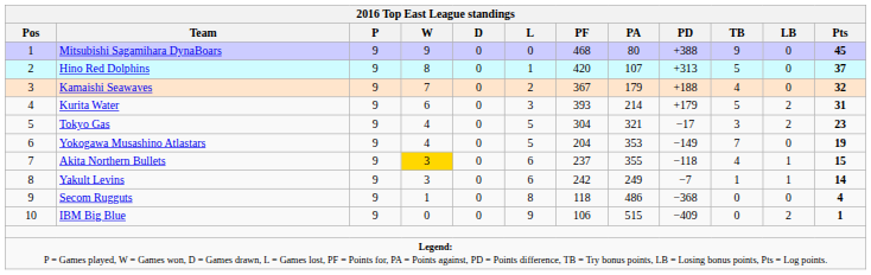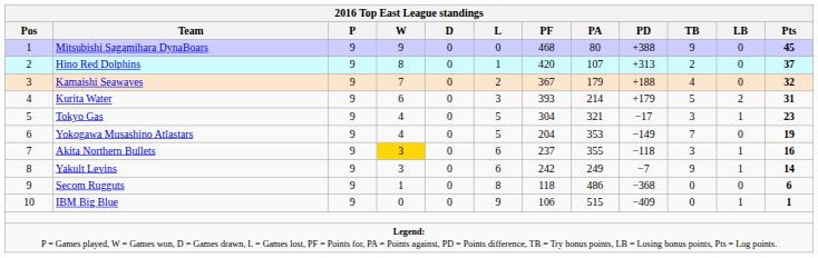 <table class="wikitable" style="text-align:center; font-size:100%; width:60%;">
 <tr>
 <th colspan="100%" cellpadding="0" cellspacing="0"><strong>2016 Top East League standings</strong></th>
 </tr>
 <tr>
 <th style="width:6%;">Pos</th>
 <th style="width:34%;">Team</th>
 <th style="width:6%;">P</th>
 <th style="width:6%;">W</th>
 <th style="width:6%;">D</th>
 <th style="width:6%;">L</th>
 <th style="width:6%;">PF</th>
 <th style="width:6%;">PA</th>
 <th style="width:6%;">PD</th>
 <th style="width:6%;">TB</th>
 <th style="width:6%;">LB</th>
 <th style="width:6%;">Pts<br></th>
 </tr>
 <tr style="background:#CCCCFF;">
 <td>1</td>
 <td style="text-align:left;"><a href='#'>Mitsubishi Sagamihara DynaBoars</a></td>
 <td>9</td>
 <td>9</td>
 <td>0</td>
 <td>0</td>
 <td>468</td>
 <td>80</td>
 <td>+388</td>
 <td>9</td>
 <td>0</td>
 <td><strong>45</strong></td>
 </tr>
 <tr style="background:#CFFCFF;">
 <td>2</td>
 <td style="text-align:left;"><a href='#'>Hino Red Dolphins</a></td>
 <td>9</td>
 <td>8</td>
 <td>0</td>
 <td>1</td>
 <td>420</td>
 <td>107</td>
 <td>+313</td>
-<td>5</td>
+<td>2</td>
 <td>0</td>
 <td><strong>37</strong></td>
 </tr>
 <tr style="background:#FFE5CC;">
 <td>3</td>
 <td style="text-align:left;"><a href='#'>Kamaishi Seawaves</a></td>
 <td>9</td>
 <td>7</td>
 <td>0</td>
 <td>2</td>
 <td>367</td>
 <td>179</td>
 <td>+188</td>
 <td>4</td>
 <td>0</td>
 <td><strong>32</strong></td>
 </tr>
 <tr>
 <td>4</td>
 <td style="text-align:left;"><a href='#'>Kurita Water</a></td>
 <td>9</td>
 <td>6</td>
 <td>0</td>
 <td>3</td>
 <td>393</td>
 <td>214</td>
 <td>+179</td>
 <td>5</td>
 <td>2</td>
 <td><strong>31</strong></td>
 </tr>
 <tr>
 <td>5</td>
 <td style="text-align:left;"><a href='#'>Tokyo Gas</a></td>
 <td>9</td>
 <td>4</td>
 <td>0</td>
 <td>5</td>
 <td>304</td>
 <td>321</td>
 <td>−17</td>
 <td>3</td>
-<td>2</td>
+<td>1</td>
 <td><strong>23</strong></td>
 </tr>
 <tr>
 <td>6</td>
 <td style="text-align:left;"><a href='#'>Yokogawa Musashino Atlastars</a></td>
 <td>9</td>
 <td>4</td>
 <td>0</td>
 <td>5</td>
 <td>204</td>
 <td>353</td>
 <td>−149</td>
 <td>7</td>
 <td>0</td>
 <td><strong>19</strong></td>
 </tr>
 <tr>
 <td>7</td>
 <td style="text-align:left;"><a href='#'>Akita Northern Bullets</a></td>
 <td>9</td>
 <td style="background: gold;">3</td>
 <td>0</td>
 <td>6</td>
 <td>237</td>
 <td>355</td>
 <td>−118</td>
-<td>4</td>
+<td>3</td>
 <td>1</td>
-<td><strong>15</strong></td>
+<td><strong>16</strong></td>
 </tr>
 <tr>
 <td>8</td>
 <td style="text-align:left;"><a href='#'>Yakult Levins</a></td>
 <td>9</td>
 <td>3</td>
 <td>0</td>
 <td>6</td>
 <td>242</td>
 <td>249</td>
 <td>−7</td>
-<td>1</td>
+<td>9</td>
 <td>1</td>
 <td><strong>14</strong></td>
 </tr>
 <tr>
 <td>9</td>
 <td style="text-align:left;"><a href='#'>Secom Rugguts</a></td>
 <td>9</td>
 <td>1</td>
 <td>0</td>
 <td>8</td>
 <td>118</td>
 <td>486</td>
 <td>−368</td>
 <td>0</td>
 <td>0</td>
-<td><strong>4</strong></td>
+<td><strong>6</strong></td>
 </tr>
 <tr>
 <td>10</td>
 <td style="text-align:left;"><a href='#'>IBM Big Blue</a></td>
 <td>9</td>
 <td>0</td>
 <td>0</td>
 <td>9</td>
 <td>106</td>
 <td>515</td>
 <td>−409</td>
 <td>0</td>
-<td>2</td>
+<td>1</td>
 <td><strong>1</strong></td>
 </tr>
 <tr>
 <td colspan="100%" style="height:10px;"></td>
 </tr>
 <tr>
 <td colspan="100%"><small><strong>Legend:</strong> <br> P = Games played, W = Games won, D = Games drawn, L = Games lost, PF = Points for, PA = Points against, PD = Points difference, TB = Try bonus points, LB = Losing bonus points, Pts = Log points.</small></td>
 </tr>
 </table>
